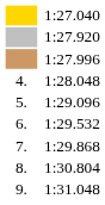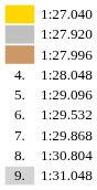 <table style="text-align:center">
 <tr>
 <td width=30 bgcolor=gold></td>
 <td align=left></td>
 <td>1:27.040</td>
 </tr>
 <tr>
 <td bgcolor=silver></td>
 <td align=left></td>
 <td>1:27.920</td>
 </tr>
 <tr>
 <td bgcolor=cc9966></td>
 <td align=left></td>
 <td>1:27.996</td>
 </tr>
 <tr>
 <td>4.</td>
 <td align=left></td>
 <td>1:28.048</td>
 </tr>
 <tr>
 <td>5.</td>
 <td align=left></td>
 <td>1:29.096</td>
 </tr>
 <tr>
 <td>6.</td>
 <td align=left></td>
 <td>1:29.532</td>
 </tr>
 <tr>
 <td>7.</td>
 <td align=left></td>
 <td>1:29.868</td>
 </tr>
 <tr>
 <td>8.</td>
 <td align=left></td>
 <td>1:30.804</td>
 </tr>
 <tr>
-<td>9.</td>
+<td style="background: lightgrey;">9.</td>
 <td align=left></td>
 <td>1:31.048</td>
 </tr>
 </table>
